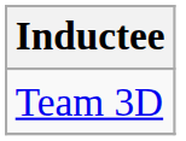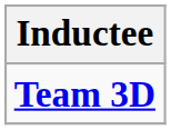 <table class="wikitable">
 <tr>
 <th>Inductee</th>
 </tr>
 <tr>
-<td><a href='#'>Team 3D</a></td>
+<td><strong><a href='#'>Team 3D</a></strong></td>
 </tr>
 <tr>
 </tr>
 </table>
